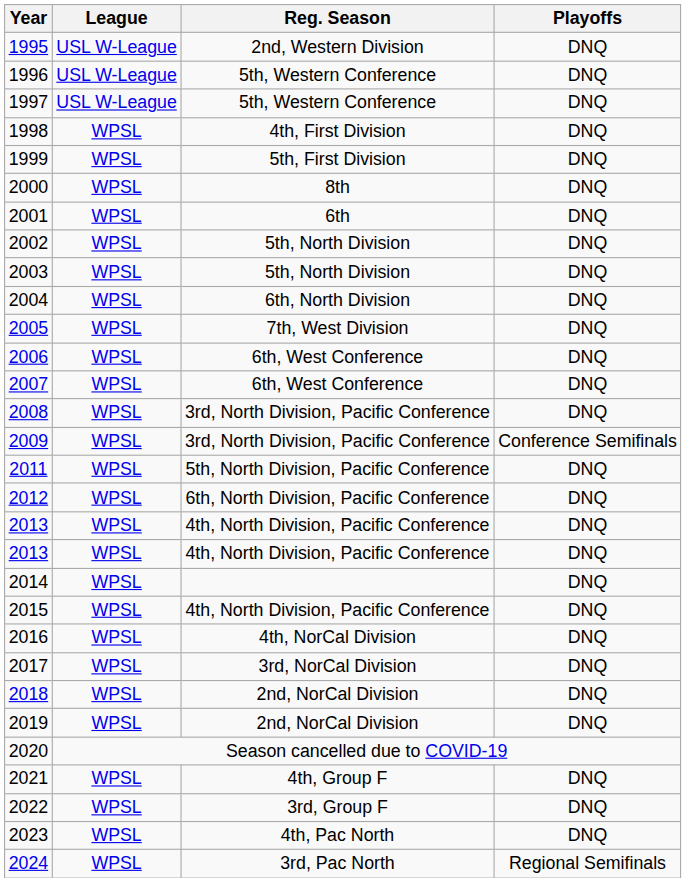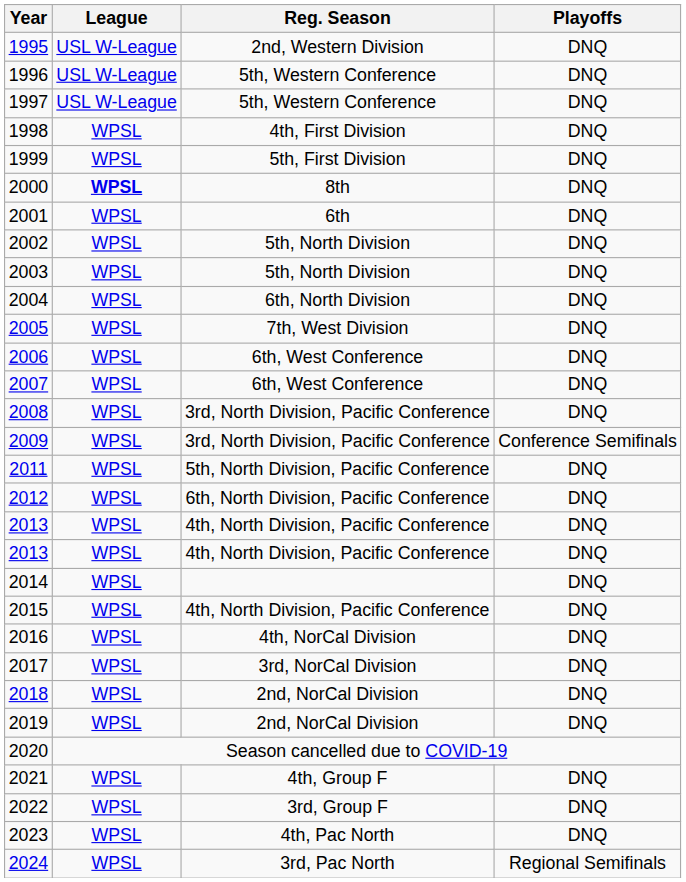 <table class="wikitable" style="text-align:center">
 <tr>
 <th>Year</th>
 <th>League</th>
 <th>Reg. Season</th>
 <th>Playoffs</th>
 </tr>
 <tr>
 <td><a href='#'>1995</a></td>
 <td><a href='#'>USL W-League</a></td>
 <td>2nd, Western Division</td>
 <td>DNQ</td>
 </tr>
 <tr>
 <td>1996</td>
 <td><a href='#'>USL W-League</a></td>
 <td>5th, Western Conference</td>
 <td>DNQ</td>
 </tr>
 <tr>
 <td>1997</td>
 <td><a href='#'>USL W-League</a></td>
 <td>5th, Western Conference</td>
 <td>DNQ</td>
 </tr>
 <tr>
 <td>1998</td>
 <td><a href='#'>WPSL</a></td>
 <td>4th, First Division</td>
 <td>DNQ</td>
 </tr>
 <tr>
 <td>1999</td>
 <td><a href='#'>WPSL</a></td>
 <td>5th, First Division</td>
 <td>DNQ</td>
 </tr>
 <tr>
 <td>2000</td>
-<td><a href='#'>WPSL</a></td>
+<td><strong><a href='#'>WPSL</a></strong></td>
 <td>8th</td>
 <td>DNQ</td>
 </tr>
 <tr>
 <td>2001</td>
 <td><a href='#'>WPSL</a></td>
 <td>6th</td>
 <td>DNQ</td>
 </tr>
 <tr>
 <td>2002</td>
 <td><a href='#'>WPSL</a></td>
 <td>5th, North Division</td>
 <td>DNQ</td>
 </tr>
 <tr>
 <td>2003</td>
 <td><a href='#'>WPSL</a></td>
 <td>5th, North Division</td>
 <td>DNQ</td>
 </tr>
 <tr>
 <td>2004</td>
 <td><a href='#'>WPSL</a></td>
 <td>6th, North Division</td>
 <td>DNQ</td>
 </tr>
 <tr>
 <td><a href='#'>2005</a></td>
 <td><a href='#'>WPSL</a></td>
 <td>7th, West Division</td>
 <td>DNQ</td>
 </tr>
 <tr>
 <td><a href='#'>2006</a></td>
 <td><a href='#'>WPSL</a></td>
 <td>6th, West Conference</td>
 <td>DNQ</td>
 </tr>
 <tr>
 <td><a href='#'>2007</a></td>
 <td><a href='#'>WPSL</a></td>
 <td>6th, West Conference</td>
 <td>DNQ</td>
 </tr>
 <tr>
 <td><a href='#'>2008</a></td>
 <td><a href='#'>WPSL</a></td>
 <td>3rd, North Division, Pacific Conference</td>
 <td>DNQ</td>
 </tr>
 <tr>
 <td><a href='#'>2009</a></td>
 <td><a href='#'>WPSL</a></td>
 <td>3rd, North Division, Pacific Conference</td>
 <td>Conference Semifinals</td>
 </tr>
 <tr>
 <td><a href='#'>2011</a></td>
 <td><a href='#'>WPSL</a></td>
 <td>5th, North Division, Pacific Conference</td>
 <td>DNQ</td>
 </tr>
 <tr>
 <td><a href='#'>2012</a></td>
 <td><a href='#'>WPSL</a></td>
 <td>6th, North Division, Pacific Conference</td>
 <td>DNQ</td>
 </tr>
 <tr>
 <td><a href='#'>2013</a></td>
 <td><a href='#'>WPSL</a></td>
 <td>4th, North Division, Pacific Conference</td>
 <td>DNQ</td>
 </tr>
 <tr>
 <td><a href='#'>2013</a></td>
 <td><a href='#'>WPSL</a></td>
 <td>4th, North Division, Pacific Conference</td>
 <td>DNQ</td>
 </tr>
 <tr>
 <td>2014</td>
 <td><a href='#'>WPSL</a></td>
 <td></td>
 <td>DNQ</td>
 </tr>
 <tr>
 <td>2015</td>
 <td><a href='#'>WPSL</a></td>
 <td>4th, North Division, Pacific Conference</td>
 <td>DNQ</td>
 </tr>
 <tr>
 <td>2016</td>
 <td><a href='#'>WPSL</a></td>
 <td>4th, NorCal Division</td>
 <td>DNQ</td>
 </tr>
 <tr>
 <td>2017</td>
 <td><a href='#'>WPSL</a></td>
 <td>3rd, NorCal Division</td>
 <td>DNQ</td>
 </tr>
 <tr>
 <td><a href='#'>2018</a></td>
 <td><a href='#'>WPSL</a></td>
 <td>2nd, NorCal Division</td>
 <td>DNQ</td>
 </tr>
 <tr>
 <td>2019</td>
 <td><a href='#'>WPSL</a></td>
 <td>2nd, NorCal Division</td>
 <td>DNQ</td>
 </tr>
 <tr>
 <td>2020</td>
 <td colspan=3 style=text-align:center>Season cancelled due to <a href='#'>COVID-19</a></td>
 </tr>
 <tr>
 <td>2021</td>
 <td><a href='#'>WPSL</a></td>
 <td>4th, Group F</td>
 <td>DNQ</td>
 </tr>
 <tr>
 <td>2022</td>
 <td><a href='#'>WPSL</a></td>
 <td>3rd, Group F</td>
 <td>DNQ</td>
 </tr>
 <tr>
 <td>2023</td>
 <td><a href='#'>WPSL</a></td>
 <td>4th, Pac North</td>
 <td>DNQ</td>
 </tr>
 <tr>
 <td><a href='#'>2024</a></td>
 <td><a href='#'>WPSL</a></td>
 <td>3rd, Pac North</td>
 <td>Regional Semifinals</td>
 </tr>
 </table>
